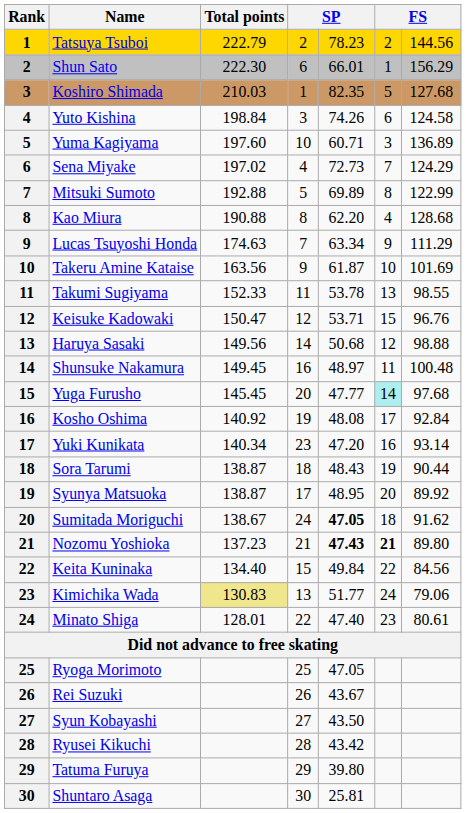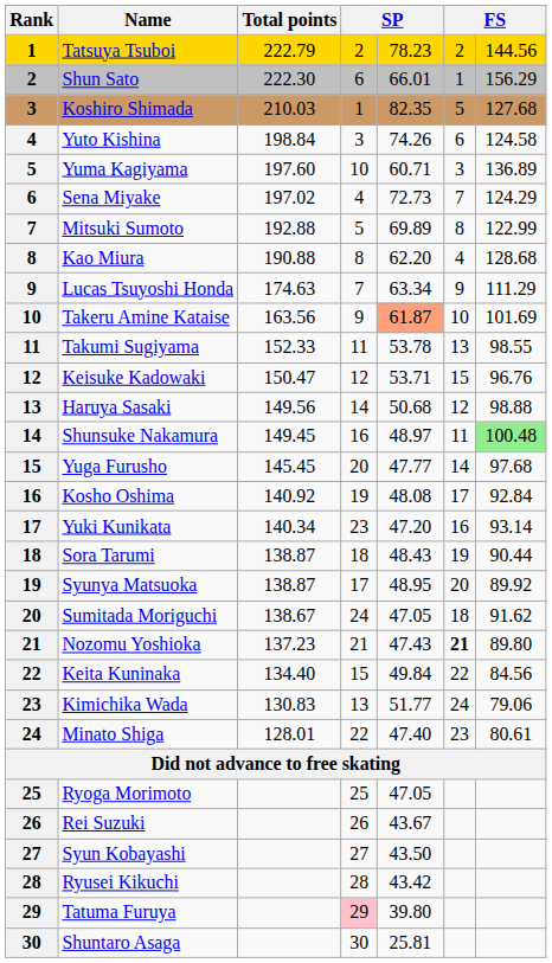 <table class="wikitable sortable">
 <tr>
 <th>Rank</th>
 <th>Name</th>
 <th>Total points</th>
 <th colspan="2" width="80px"><a href='#'>SP</a></th>
 <th colspan="2" width="80px"><a href='#'>FS</a></th>
 </tr>
 <tr bgcolor="gold">
 <td align="center"><strong>1</strong></td>
 <td><a href='#'>Tatsuya Tsuboi</a></td>
 <td align=center>222.79</td>
 <td align=center>2</td>
 <td align=center>78.23</td>
 <td align=center>2</td>
 <td align=center>144.56</td>
 </tr>
 <tr bgcolor="silver">
 <td align="center"><strong>2</strong></td>
 <td><a href='#'>Shun Sato</a></td>
 <td align=center>222.30</td>
 <td align=center>6</td>
 <td align=center>66.01</td>
 <td align=center>1</td>
 <td align=center>156.29</td>
 </tr>
 <tr bgcolor="cc9966">
 <td align=center><strong>3</strong></td>
 <td><a href='#'>Koshiro Shimada</a></td>
 <td align=center>210.03</td>
 <td align=center>1</td>
 <td align=center>82.35</td>
 <td align=center>5</td>
 <td align=center>127.68</td>
 </tr>
 <tr>
 <th>4</th>
 <td><a href='#'>Yuto Kishina</a></td>
 <td align=center>198.84</td>
 <td align=center>3</td>
 <td align=center>74.26</td>
 <td align=center>6</td>
 <td align=center>124.58</td>
 </tr>
 <tr>
 <th>5</th>
 <td><a href='#'>Yuma Kagiyama</a></td>
 <td align=center>197.60</td>
 <td align=center>10</td>
 <td align=center>60.71</td>
 <td align=center>3</td>
 <td align=center>136.89</td>
 </tr>
 <tr>
 <th>6</th>
 <td><a href='#'>Sena Miyake</a></td>
 <td align=center>197.02</td>
 <td align=center>4</td>
 <td align=center>72.73</td>
 <td align=center>7</td>
 <td align=center>124.29</td>
 </tr>
 <tr>
 <th>7</th>
 <td><a href='#'>Mitsuki Sumoto</a></td>
 <td align=center>192.88</td>
 <td align=center>5</td>
 <td align=center>69.89</td>
 <td align=center>8</td>
 <td align=center>122.99</td>
 </tr>
 <tr>
 <th>8</th>
 <td><a href='#'>Kao Miura</a></td>
 <td align=center>190.88</td>
 <td align=center>8</td>
 <td align=center>62.20</td>
 <td align=center>4</td>
 <td align=center>128.68</td>
 </tr>
 <tr>
 <th>9</th>
 <td><a href='#'>Lucas Tsuyoshi Honda</a></td>
 <td align=center>174.63</td>
 <td align=center>7</td>
 <td align=center>63.34</td>
 <td align=center>9</td>
 <td align=center>111.29</td>
 </tr>
 <tr>
 <th>10</th>
 <td><a href='#'>Takeru Amine Kataise</a></td>
 <td align=center>163.56</td>
 <td align=center>9</td>
-<td align=center>61.87</td>
+<td align=center style="background: lightsalmon;">61.87</td>
 <td align=center>10</td>
 <td align=center>101.69</td>
 </tr>
 <tr>
 <th>11</th>
 <td><a href='#'>Takumi Sugiyama</a></td>
 <td align=center>152.33</td>
 <td align=center>11</td>
 <td align=center>53.78</td>
 <td align=center>13</td>
 <td align=center>98.55</td>
 </tr>
 <tr>
 <th>12</th>
 <td><a href='#'>Keisuke Kadowaki</a></td>
 <td align=center>150.47</td>
 <td align=center>12</td>
 <td align=center>53.71</td>
 <td align=center>15</td>
 <td align=center>96.76</td>
 </tr>
 <tr>
 <th>13</th>
 <td><a href='#'>Haruya Sasaki</a></td>
 <td align=center>149.56</td>
 <td align=center>14</td>
 <td align=center>50.68</td>
 <td align=center>12</td>
 <td align=center>98.88</td>
 </tr>
 <tr>
 <th>14</th>
 <td><a href='#'>Shunsuke Nakamura</a></td>
 <td align=center>149.45</td>
 <td align=center>16</td>
 <td align=center>48.97</td>
 <td align=center>11</td>
-<td align=center>100.48</td>
+<td align=center style="background: lightgreen;">100.48</td>
 </tr>
 <tr>
 <th>15</th>
 <td><a href='#'>Yuga Furusho</a></td>
 <td align=center>145.45</td>
 <td align=center>20</td>
 <td align=center>47.77</td>
-<td align=center style="background: paleturquoise;">14</td>
+<td align=center>14</td>
 <td align=center>97.68</td>
 </tr>
 <tr>
 <th>16</th>
 <td><a href='#'>Kosho Oshima</a></td>
 <td align=center>140.92</td>
 <td align=center>19</td>
 <td align=center>48.08</td>
 <td align=center>17</td>
 <td align=center>92.84</td>
 </tr>
 <tr>
 <th>17</th>
 <td><a href='#'>Yuki Kunikata</a></td>
 <td align=center>140.34</td>
 <td align=center>23</td>
 <td align=center>47.20</td>
 <td align=center>16</td>
 <td align=center>93.14</td>
 </tr>
 <tr>
 <th>18</th>
 <td><a href='#'>Sora Tarumi</a></td>
 <td align=center>138.87</td>
 <td align=center>18</td>
 <td align=center>48.43</td>
 <td align=center>19</td>
 <td align=center>90.44</td>
 </tr>
 <tr>
 <th>19</th>
 <td><a href='#'>Syunya Matsuoka</a></td>
 <td align=center>138.87</td>
 <td align=center>17</td>
 <td align=center>48.95</td>
 <td align=center>20</td>
 <td align=center>89.92</td>
 </tr>
 <tr>
 <th>20</th>
 <td><a href='#'>Sumitada Moriguchi</a></td>
 <td align=center>138.67</td>
 <td align=center>24</td>
-<td align=center><strong>47.05</strong></td>
+<td align=center>47.05</td>
 <td align=center>18</td>
 <td align=center>91.62</td>
 </tr>
 <tr>
 <th>21</th>
 <td><a href='#'>Nozomu Yoshioka</a></td>
 <td align=center>137.23</td>
 <td align=center>21</td>
-<td align=center><strong>47.43</strong></td>
+<td align=center>47.43</td>
 <td align=center><strong>21</strong></td>
 <td align=center>89.80</td>
 </tr>
 <tr>
 <th>22</th>
 <td><a href='#'>Keita Kuninaka</a></td>
 <td align=center>134.40</td>
 <td align=center>15</td>
 <td align=center>49.84</td>
 <td align=center>22</td>
 <td align=center>84.56</td>
 </tr>
 <tr>
 <th>23</th>
 <td><a href='#'>Kimichika Wada</a></td>
-<td align=center style="background: khaki;">130.83</td>
+<td align=center>130.83</td>
 <td align=center>13</td>
 <td align=center>51.77</td>
 <td align=center>24</td>
 <td align=center>79.06</td>
 </tr>
 <tr>
 <th>24</th>
 <td><a href='#'>Minato Shiga</a></td>
 <td align=center>128.01</td>
 <td align=center>22</td>
 <td align=center>47.40</td>
 <td align=center>23</td>
 <td align=center>80.61</td>
 </tr>
 <tr>
 <th colspan=7>Did not advance to free skating</th>
 </tr>
 <tr>
 <th>25</th>
 <td><a href='#'>Ryoga Morimoto</a></td>
 <td></td>
 <td align=center>25</td>
 <td align=center>47.05</td>
 <td></td>
 <td></td>
 </tr>
 <tr>
 <th>26</th>
 <td><a href='#'>Rei Suzuki</a></td>
 <td></td>
 <td align=center>26</td>
 <td align=center>43.67</td>
 <td></td>
 <td></td>
 </tr>
 <tr>
 <th>27</th>
 <td><a href='#'>Syun Kobayashi</a></td>
 <td></td>
 <td align=center>27</td>
 <td align=center>43.50</td>
 <td></td>
 <td></td>
 </tr>
 <tr>
 <th>28</th>
 <td><a href='#'>Ryusei Kikuchi</a></td>
 <td></td>
 <td align=center>28</td>
 <td align=center>43.42</td>
 <td></td>
 <td></td>
 </tr>
 <tr>
 <th>29</th>
 <td><a href='#'>Tatuma Furuya</a></td>
 <td></td>
-<td align=center>29</td>
+<td align=center style="background: pink;">29</td>
 <td align=center>39.80</td>
 <td></td>
 <td></td>
 </tr>
 <tr>
 <th>30</th>
 <td><a href='#'>Shuntaro Asaga</a></td>
 <td></td>
 <td align=center>30</td>
 <td align=center>25.81</td>
 <td></td>
 <td></td>
 </tr>
 </table>
